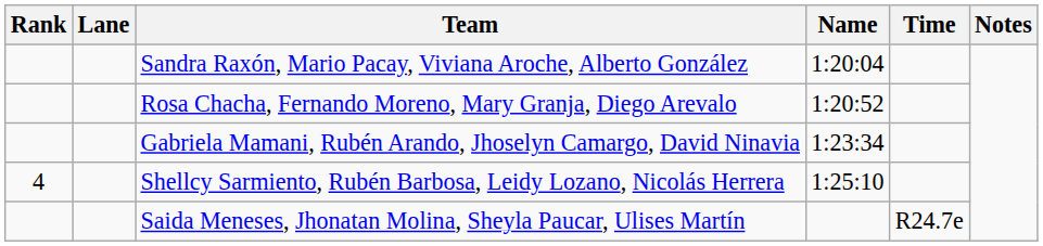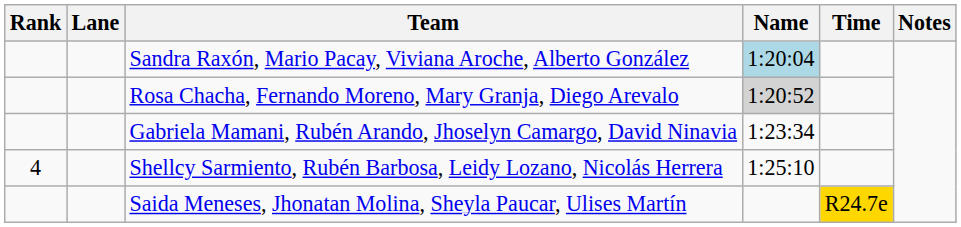 <table class="wikitable sortable" style="text-align:center;font-size:95%">
 <tr>
 <th>Rank</th>
 <th>Lane</th>
 <th>Team</th>
 <th>Name</th>
 <th>Time</th>
 <th>Notes</th>
 </tr>
 <tr>
 <td></td>
 <td align=left></td>
 <td align=left><a href='#'>Sandra Raxón</a>, <a href='#'>Mario Pacay</a>, <a href='#'>Viviana Aroche</a>, <a href='#'>Alberto González</a></td>
-<td>1:20:04</td>
+<td style="background: lightblue;">1:20:04</td>
 <td></td>
 </tr>
 <tr>
 <td></td>
 <td align=left></td>
 <td align=left><a href='#'>Rosa Chacha</a>, <a href='#'>Fernando Moreno</a>, <a href='#'>Mary Granja</a>, <a href='#'>Diego Arevalo</a></td>
-<td>1:20:52</td>
+<td style="background: lightgrey;">1:20:52</td>
 <td></td>
 </tr>
 <tr>
 <td></td>
 <td align=left></td>
 <td align=left><a href='#'>Gabriela Mamani</a>, <a href='#'>Rubén Arando</a>, <a href='#'>Jhoselyn Camargo</a>, <a href='#'>David Ninavia</a></td>
 <td>1:23:34</td>
 <td></td>
 </tr>
 <tr>
 <td>4</td>
 <td align=left></td>
 <td align=left><a href='#'>Shellcy Sarmiento</a>, <a href='#'>Rubén Barbosa</a>, <a href='#'>Leidy Lozano</a>, <a href='#'>Nicolás Herrera</a></td>
 <td>1:25:10</td>
 <td></td>
 </tr>
 <tr>
 <td></td>
 <td align=left></td>
 <td align=left><a href='#'>Saida Meneses</a>, <a href='#'>Jhonatan Molina</a>, <a href='#'>Sheyla Paucar</a>, <a href='#'>Ulises Martín</a></td>
 <td></td>
-<td>R24.7e</td>
+<td style="background: gold;">R24.7e</td>
 </tr>
 </table>
